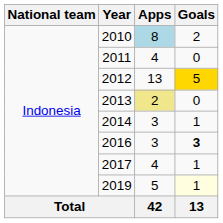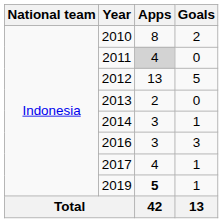 <table class="wikitable" style="text-align:center">
 <tr>
 <th>National team</th>
 <th>Year</th>
 <th>Apps</th>
 <th>Goals</th>
 </tr>
 <tr>
 <td rowspan=8><a href='#'>Indonesia</a></td>
 <td>2010</td>
-<td style="background: lightblue;">8</td>
+<td>8</td>
 <td>2</td>
 </tr>
 <tr>
 <td>2011</td>
-<td>4</td>
+<td style="background: lightgrey;">4</td>
 <td>0</td>
 </tr>
 <tr>
 <td>2012</td>
 <td>13</td>
-<td style="background: gold;">5</td>
+<td>5</td>
 </tr>
 <tr>
 <td>2013</td>
-<td style="background: khaki;">2</td>
+<td>2</td>
 <td>0</td>
 </tr>
 <tr>
 <td>2014</td>
 <td>3</td>
 <td>1</td>
 </tr>
 <tr>
 <td>2016</td>
 <td>3</td>
-<td><strong>3</strong></td>
+<td>3</td>
 </tr>
 <tr>
 <td>2017</td>
 <td>4</td>
 <td>1</td>
 </tr>
 <tr>
 <td>2019</td>
-<td>5</td>
-<td style="background: lightyellow;">1</td>
+<td><strong>5</strong></td>
+<td>1</td>
 </tr>
 <tr>
 <th colspan=2>Total</th>
 <th>42</th>
 <th>13</th>
 </tr>
 </table>
